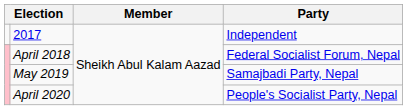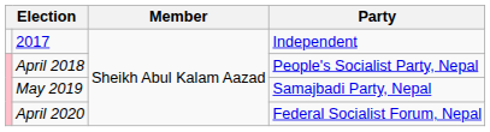 <table class="wikitable">
 <tr>
 <th colspan="2">Election</th>
 <th>Member</th>
 <th>Party</th>
 </tr>
 <tr>
 <td style="background-color:"></td>
 <td><a href='#'>2017</a></td>
 <td rowspan="4">Sheikh Abul Kalam Aazad</td>
 <td><a href='#'>Independent</a></td>
 </tr>
 <tr>
 <td rowspan="3" style="background-color:pink"></td>
 <td><em>April 2018</em></td>
-<td><a href='#'>Federal Socialist Forum, Nepal</a></td>
+<td><a href='#'>People's Socialist Party, Nepal</a></td>
 </tr>
 <tr>
 <td><em>May 2019</em></td>
 <td><a href='#'>Samajbadi Party, Nepal</a></td>
 </tr>
 <tr>
 <td><em>April 2020</em></td>
-<td><a href='#'>People's Socialist Party, Nepal</a></td>
+<td><a href='#'>Federal Socialist Forum, Nepal</a></td>
 </tr>
 </table>
